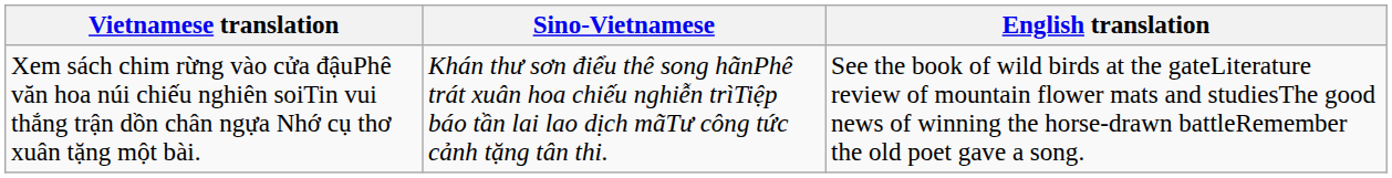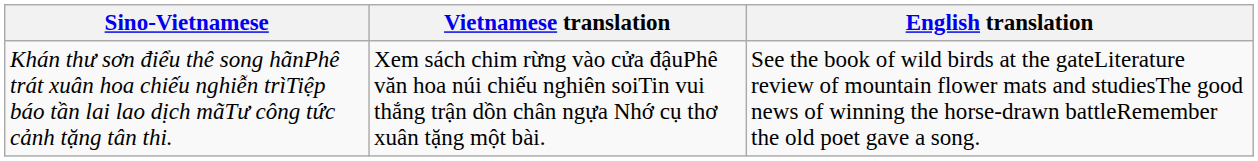 <table class="wikitable">
 <tr>
+<th><a href='#'>Sino-Vietnamese</a></th>
 <th><a href='#'>Vietnamese</a> translation</th>
-<th><a href='#'>Sino-Vietnamese</a></th>
 <th><a href='#'>English</a> translation</th>
 </tr>
 <tr>
+<td><em>Khán thư sơn điểu thê song hãn</em><em>Phê trát xuân hoa chiếu nghiễn trì</em><em>Tiệp báo tần lai lao dịch mã</em><em>Tư công tức cảnh tặng tân thi.</em></td>
 <td>Xem sách chim rừng vào cửa đậuPhê văn hoa núi chiếu nghiên soiTin vui thắng trận dồn chân ngựa Nhớ cụ thơ xuân tặng một bài.</td>
-<td><em>Khán thư sơn điểu thê song hãn</em><em>Phê trát xuân hoa chiếu nghiễn trì</em><em>Tiệp báo tần lai lao dịch mã</em><em>Tư công tức cảnh tặng tân thi.</em></td>
 <td>See the book of wild birds at the gateLiterature review of mountain flower mats and studiesThe good news of winning the horse-drawn battleRemember the old poet gave a song.</td>
 </tr>
 </table>
